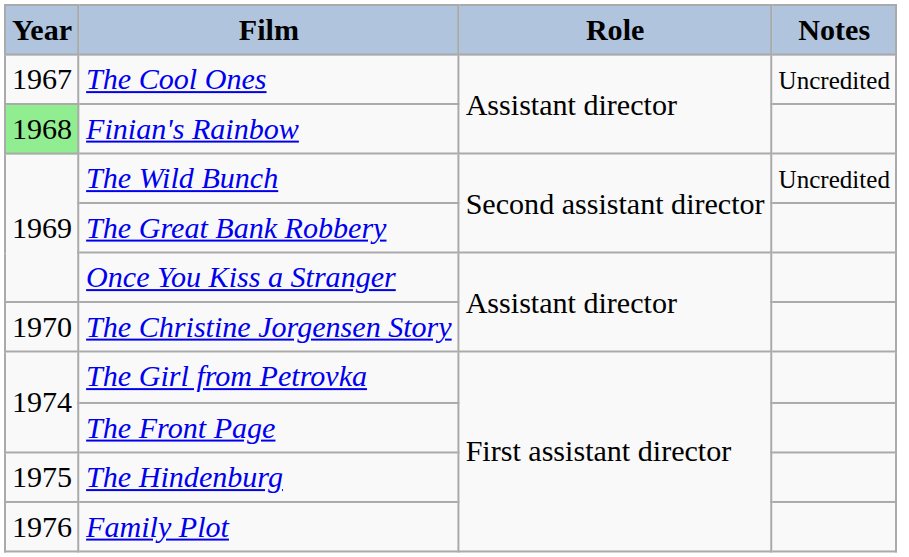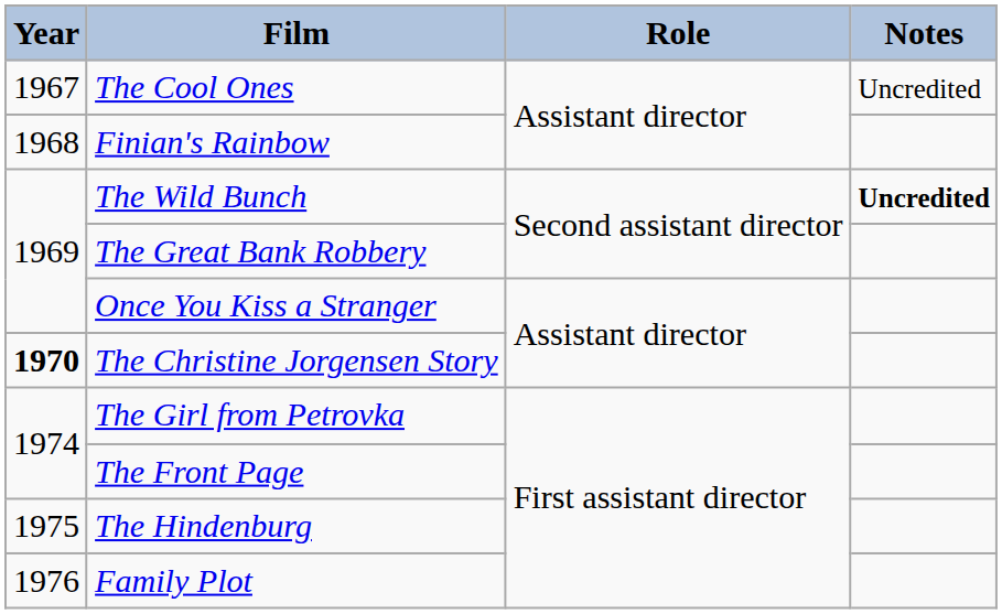 <table class="wikitable" style="font-size:95%;">
 <tr>
 <th style="background:#B0C4DE;">Year</th>
 <th style="background:#B0C4DE;">Film</th>
 <th style="background:#B0C4DE;">Role</th>
 <th style="background:#B0C4DE;">Notes</th>
 </tr>
 <tr>
 <td>1967</td>
 <td><em><a href='#'>The Cool Ones</a></em></td>
 <td rowspan=2>Assistant director</td>
 <td><small>Uncredited</small></td>
 </tr>
 <tr>
-<td style="background: lightgreen;">1968</td>
+<td>1968</td>
 <td><em><a href='#'>Finian's Rainbow</a></em></td>
 <td></td>
 </tr>
 <tr>
 <td rowspan=3>1969</td>
 <td><em><a href='#'>The Wild Bunch</a></em></td>
 <td rowspan=2>Second assistant director</td>
-<td><small>Uncredited</small></td>
+<td><strong><small>Uncredited</small></strong></td>
 </tr>
 <tr>
 <td><em><a href='#'>The Great Bank Robbery</a></em></td>
 <td></td>
 </tr>
 <tr>
 <td><em><a href='#'>Once You Kiss a Stranger</a></em></td>
 <td rowspan=2>Assistant director</td>
 <td></td>
 </tr>
 <tr>
-<td>1970</td>
+<td><strong>1970</strong></td>
 <td><em><a href='#'>The Christine Jorgensen Story</a></em></td>
 <td></td>
 </tr>
 <tr>
 <td rowspan=2>1974</td>
 <td><em><a href='#'>The Girl from Petrovka</a></em></td>
 <td rowspan=4>First assistant director</td>
 <td></td>
 </tr>
 <tr>
 <td><em><a href='#'>The Front Page</a></em></td>
 <td></td>
 </tr>
 <tr>
 <td>1975</td>
 <td><em><a href='#'>The Hindenburg</a></em></td>
 <td></td>
 </tr>
 <tr>
 <td>1976</td>
 <td><em><a href='#'>Family Plot</a></em></td>
 <td></td>
 </tr>
 </table>
